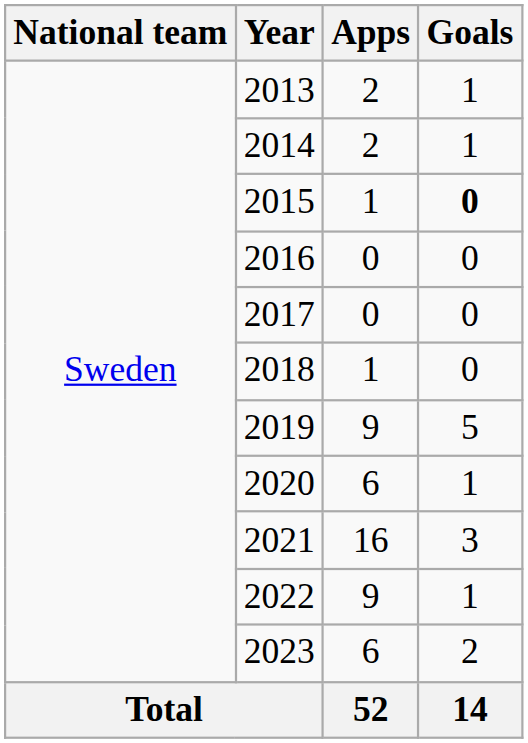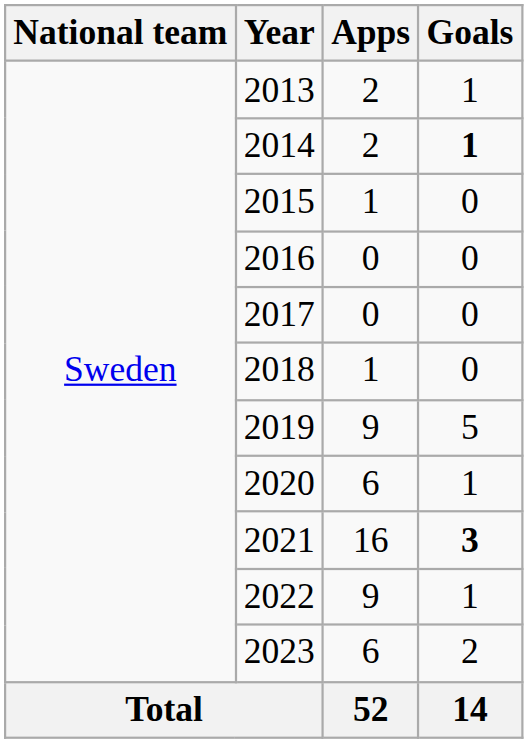 <table class=wikitable style="text-align: center;">
 <tr>
 <th>National team</th>
 <th>Year</th>
 <th>Apps</th>
 <th>Goals</th>
 </tr>
 <tr>
 <td rowspan="11"><a href='#'>Sweden</a></td>
 <td>2013</td>
 <td>2</td>
 <td>1</td>
 </tr>
 <tr>
 <td>2014</td>
 <td>2</td>
-<td>1</td>
+<td><strong>1</strong></td>
 </tr>
 <tr>
 <td>2015</td>
 <td>1</td>
-<td><strong>0</strong></td>
+<td>0</td>
 </tr>
 <tr>
 <td>2016</td>
 <td>0</td>
 <td>0</td>
 </tr>
 <tr>
 <td>2017</td>
 <td>0</td>
 <td>0</td>
 </tr>
 <tr>
 <td>2018</td>
 <td>1</td>
 <td>0</td>
 </tr>
 <tr>
 <td>2019</td>
 <td>9</td>
 <td>5</td>
 </tr>
 <tr>
 <td>2020</td>
 <td>6</td>
 <td>1</td>
 </tr>
 <tr>
 <td>2021</td>
 <td>16</td>
-<td>3</td>
+<td><strong>3</strong></td>
 </tr>
 <tr>
 <td>2022</td>
 <td>9</td>
 <td>1</td>
 </tr>
 <tr>
 <td>2023</td>
 <td>6</td>
 <td>2</td>
 </tr>
 <tr>
 <th colspan="2">Total</th>
 <th>52</th>
 <th>14</th>
 </tr>
 </table>
